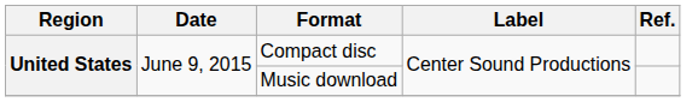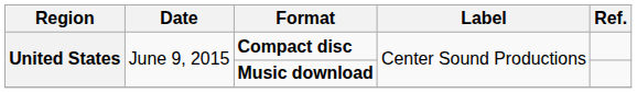 <table class="wikitable plainrowheaders">
 <tr>
 <th scope="col">Region</th>
 <th scope="col">Date</th>
 <th scope="col">Format</th>
 <th scope="col">Label</th>
 <th scope="col">Ref.</th>
 </tr>
 <tr>
 <th scope="row" rowspan="2">United States</th>
 <td rowspan="2">June 9, 2015</td>
-<td>Compact disc</td>
+<td><strong>Compact disc</strong></td>
 <td rowspan="2">Center Sound Productions</td>
 <td></td>
 </tr>
 <tr>
-<td>Music download</td>
+<td><strong>Music download</strong></td>
 <td></td>
 </tr>
 <tr>
 </tr>
 </table>
